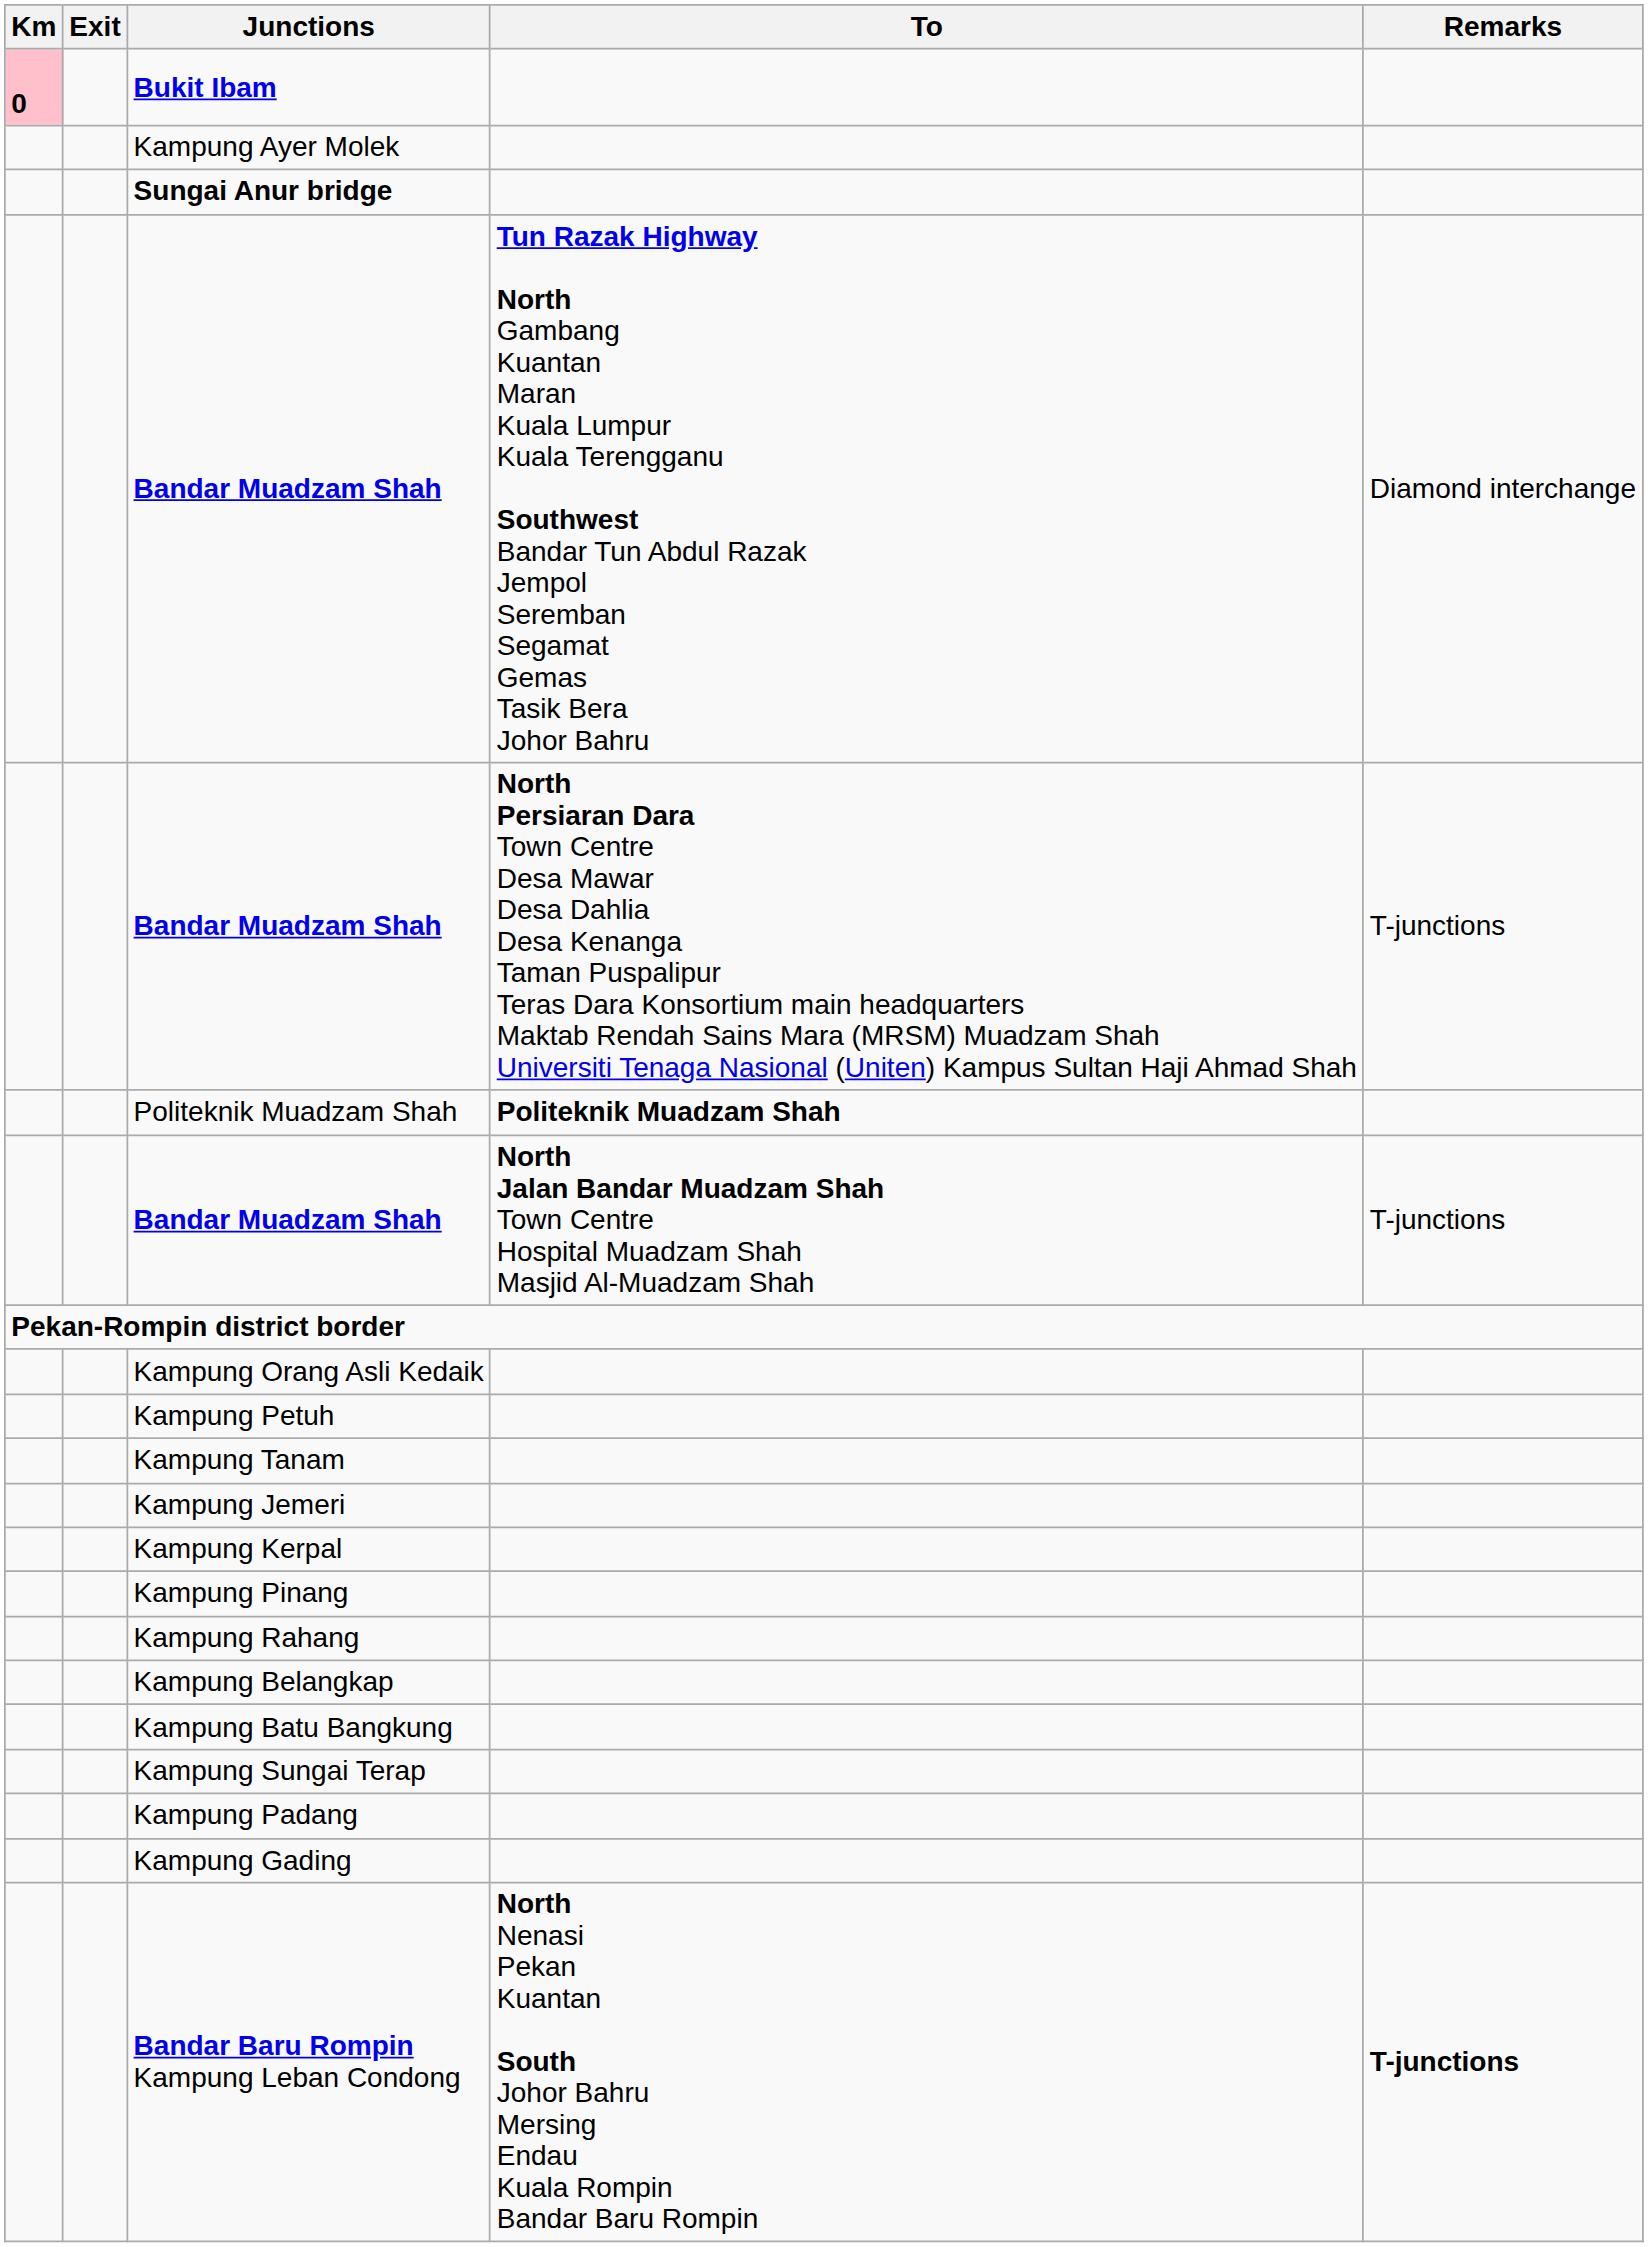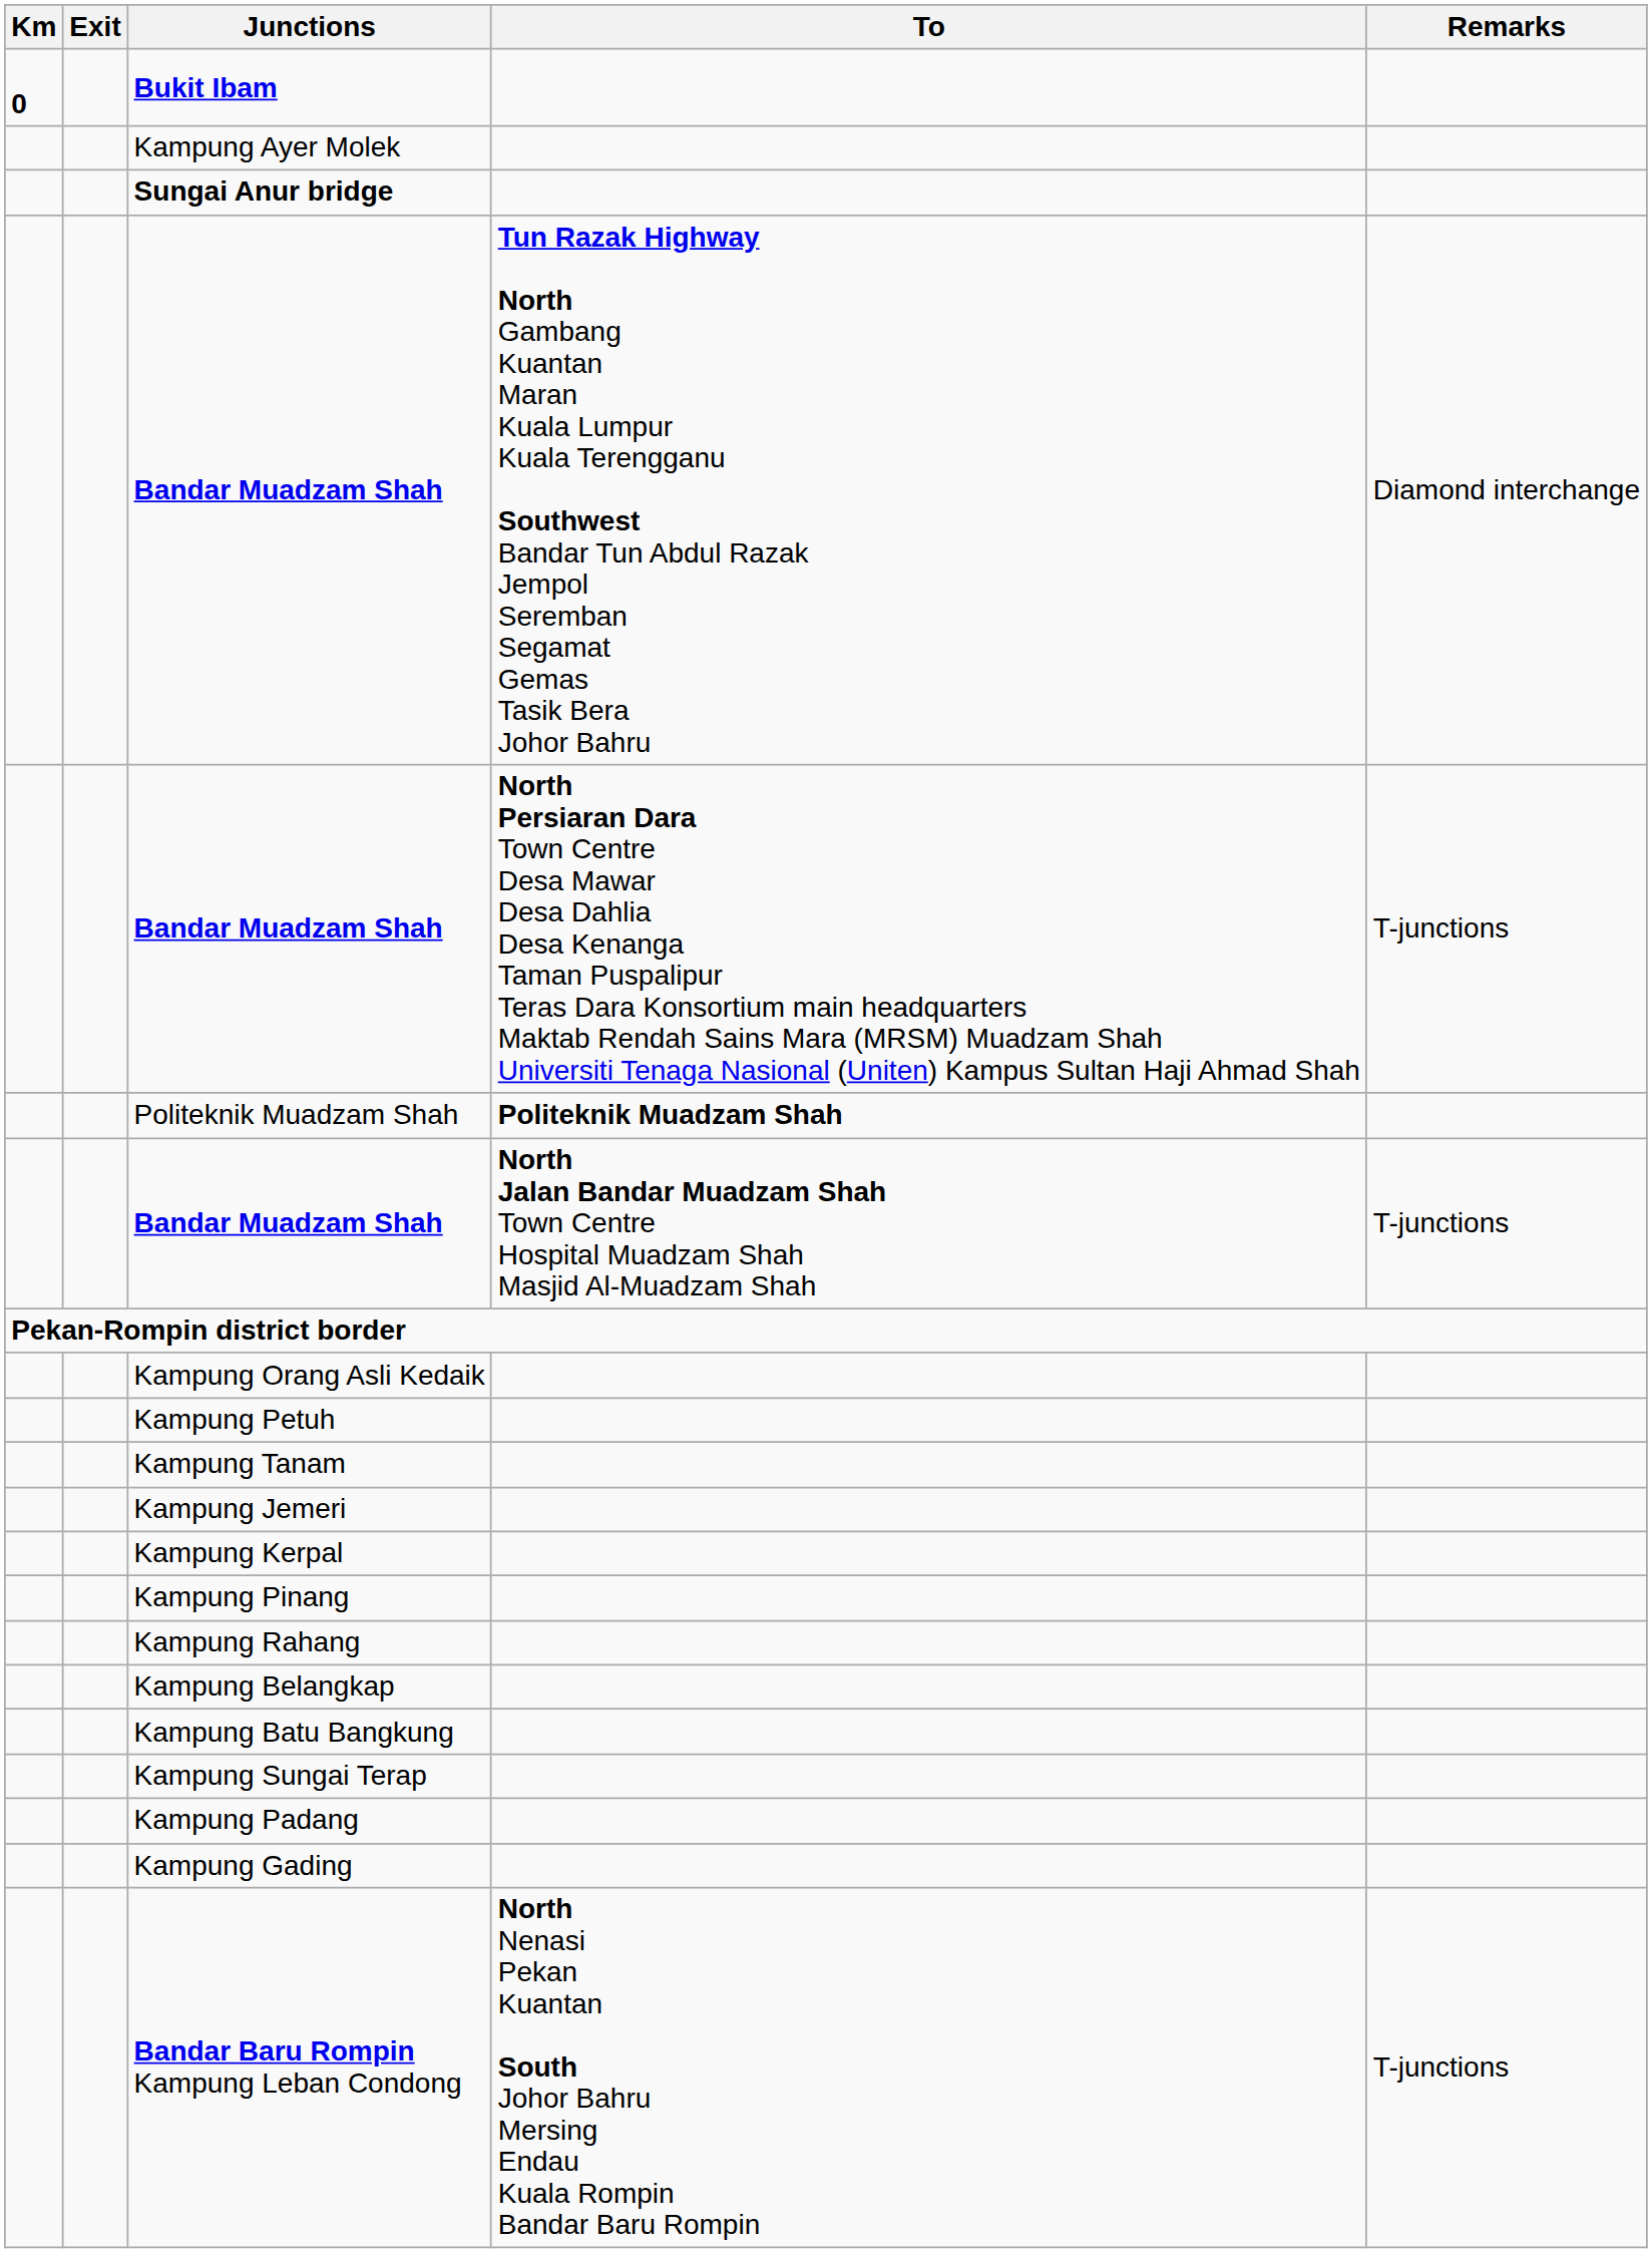 <table class="wikitable">
 <tr>
 <th>Km</th>
 <th>Exit</th>
 <th>Junctions</th>
 <th>To</th>
 <th>Remarks</th>
 </tr>
 <tr>
-<td style="background: pink;"><br><strong>0</strong></td>
+<td><br><strong>0</strong></td>
 <td></td>
 <td><strong><a href='#'>Bukit Ibam</a></strong></td>
 <td></td>
 <td></td>
 </tr>
 <tr>
 <td></td>
 <td></td>
 <td>Kampung Ayer Molek</td>
 <td></td>
 <td></td>
 </tr>
 <tr>
 <td></td>
 <td></td>
 <td><strong>Sungai Anur bridge</strong></td>
 <td></td>
 <td></td>
 </tr>
 <tr>
 <td></td>
 <td></td>
 <td><strong><a href='#'>Bandar Muadzam Shah</a></strong></td>
 <td>  <strong><a href='#'>Tun Razak Highway</a></strong><br><br><strong>North</strong><br>  Gambang<br> Kuantan<br> Maran<br>  Kuala Lumpur<br> Kuala Terengganu<br><br><strong>Southwest</strong><br>  Bandar Tun Abdul Razak<br> Jempol<br> Seremban<br>  Segamat<br> Gemas<br> Tasik Bera<br>  Johor Bahru</td>
 <td>Diamond interchange</td>
 </tr>
 <tr>
 <td></td>
 <td></td>
 <td><strong><a href='#'>Bandar Muadzam Shah</a></strong></td>
 <td><strong>North</strong><br><strong>Persiaran Dara</strong><br>Town Centre<br>Desa Mawar<br>Desa Dahlia<br>Desa Kenanga<br>Taman Puspalipur<br>Teras Dara Konsortium main headquarters<br>Maktab Rendah Sains Mara (MRSM) Muadzam Shah <br><a href='#'>Universiti Tenaga Nasional</a> (<a href='#'>Uniten</a>) Kampus Sultan Haji Ahmad Shah </td>
 <td>T-junctions</td>
 </tr>
 <tr>
 <td></td>
 <td></td>
 <td>Politeknik Muadzam Shah </td>
 <td><strong>Politeknik Muadzam Shah</strong> </td>
 <td></td>
 </tr>
 <tr>
 <td></td>
 <td></td>
 <td><strong><a href='#'>Bandar Muadzam Shah</a></strong></td>
 <td><strong>North</strong><br><strong>Jalan Bandar Muadzam Shah</strong><br>Town Centre<br>Hospital Muadzam Shah <br>Masjid Al-Muadzam Shah</td>
 <td>T-junctions</td>
 </tr>
 <tr>
 <td style="width:600px" colspan="6" style="text-align:center; background:blue;"><strong><span>Pekan-Rompin district border</span></strong></td>
 </tr>
 <tr>
 <td></td>
 <td></td>
 <td>Kampung Orang Asli Kedaik</td>
 <td></td>
 <td></td>
 </tr>
 <tr>
 <td></td>
 <td></td>
 <td>Kampung Petuh</td>
 <td></td>
 <td></td>
 </tr>
 <tr>
 <td></td>
 <td></td>
 <td>Kampung Tanam</td>
 <td></td>
 <td></td>
 </tr>
 <tr>
 <td></td>
 <td></td>
 <td>Kampung Jemeri</td>
 <td></td>
 <td></td>
 </tr>
 <tr>
 <td></td>
 <td></td>
 <td>Kampung Kerpal</td>
 <td></td>
 <td></td>
 </tr>
 <tr>
 <td></td>
 <td></td>
 <td>Kampung Pinang</td>
 <td></td>
 <td></td>
 </tr>
 <tr>
 <td></td>
 <td></td>
 <td>Kampung Rahang</td>
 <td></td>
 <td></td>
 </tr>
 <tr>
 <td></td>
 <td></td>
 <td>Kampung Belangkap</td>
 <td></td>
 <td></td>
 </tr>
 <tr>
 <td></td>
 <td></td>
 <td>Kampung Batu Bangkung</td>
 <td></td>
 <td></td>
 </tr>
 <tr>
 <td></td>
 <td></td>
 <td>Kampung Sungai Terap</td>
 <td></td>
 <td></td>
 </tr>
 <tr>
 <td></td>
 <td></td>
 <td>Kampung Padang</td>
 <td></td>
 <td></td>
 </tr>
 <tr>
 <td></td>
 <td></td>
 <td>Kampung Gading</td>
 <td></td>
 <td></td>
 </tr>
 <tr>
 <td></td>
 <td></td>
 <td><strong><a href='#'>Bandar Baru Rompin</a></strong><br>Kampung Leban Condong</td>
 <td><strong>North</strong><br>  Nenasi<br>  Pekan<br>  Kuantan<br><br><strong>South</strong><br>  Johor Bahru<br>  Mersing<br>  Endau<br>  Kuala Rompin<br>  Bandar Baru Rompin</td>
-<td><strong>T-junctions</strong></td>
+<td>T-junctions</td>
 </tr>
 </table>
